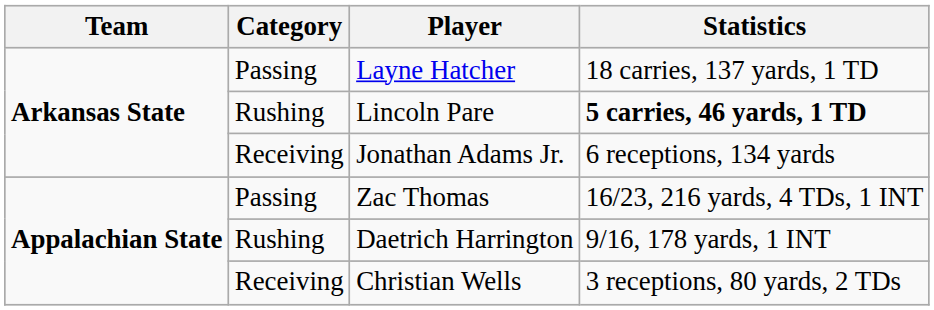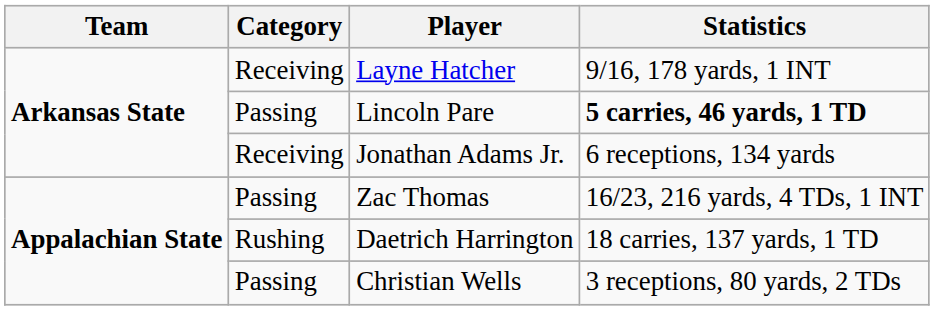 <table class="wikitable" style="float: left;">
 <tr>
 <th>Team</th>
 <th>Category</th>
 <th>Player</th>
 <th>Statistics</th>
 </tr>
 <tr>
 <td rowspan=3><strong>Arkansas State</strong></td>
-<td>Passing</td>
+<td>Receiving</td>
 <td><a href='#'>Layne Hatcher</a></td>
-<td>18 carries, 137 yards, 1 TD</td>
+<td>9/16, 178 yards, 1 INT</td>
 </tr>
 <tr>
-<td>Rushing</td>
+<td>Passing</td>
 <td>Lincoln Pare</td>
 <td><strong>5 carries, 46 yards, 1 TD</strong></td>
 </tr>
 <tr>
 <td>Receiving</td>
 <td>Jonathan Adams Jr.</td>
 <td>6 receptions, 134 yards</td>
 </tr>
 <tr>
 <td rowspan=3><strong>Appalachian State</strong></td>
 <td>Passing</td>
 <td>Zac Thomas</td>
 <td>16/23, 216 yards, 4 TDs, 1 INT</td>
 </tr>
 <tr>
 <td>Rushing</td>
 <td>Daetrich Harrington</td>
-<td>9/16, 178 yards, 1 INT</td>
+<td>18 carries, 137 yards, 1 TD</td>
 </tr>
 <tr>
-<td>Receiving</td>
+<td>Passing</td>
 <td>Christian Wells</td>
 <td>3 receptions, 80 yards, 2 TDs</td>
 </tr>
 </table>
